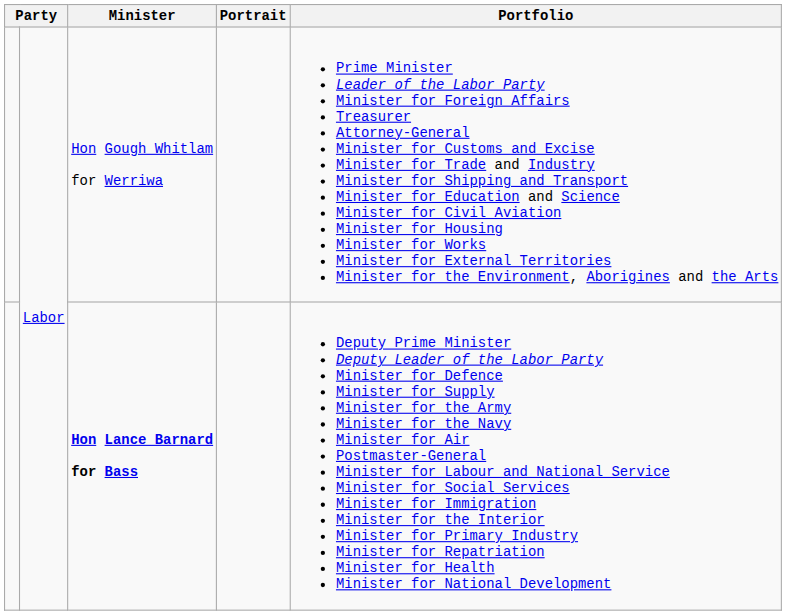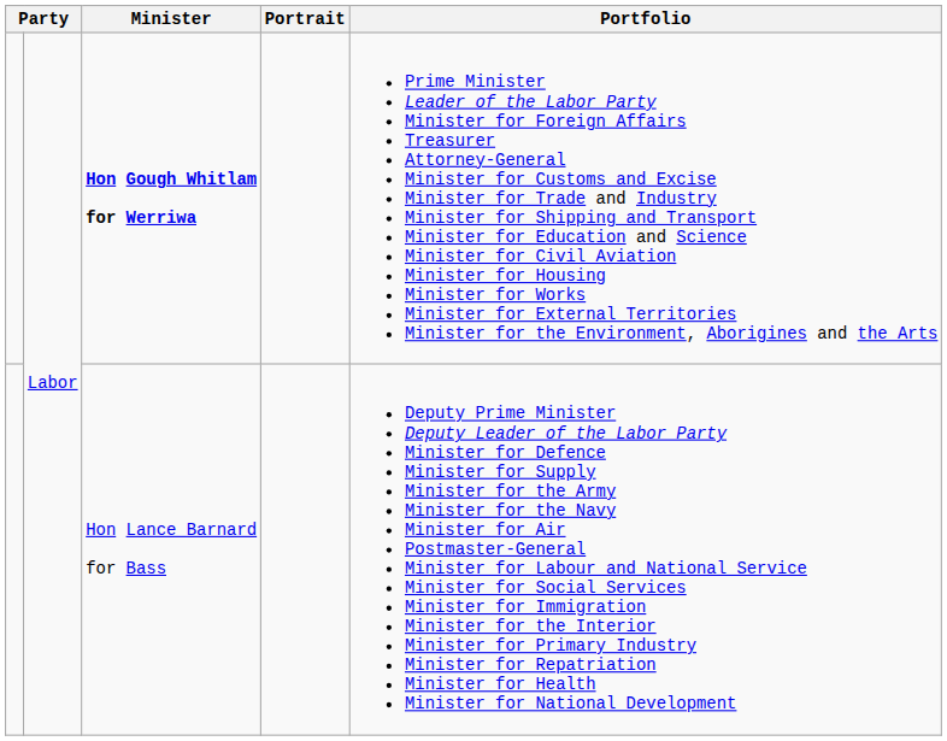 <table class="wikitable sortable">
 <tr>
 <th colspan="2">Party</th>
 <th>Minister</th>
 <th>Portrait</th>
 <th>Portfolio</th>
 </tr>
 <tr>
 <td> </td>
 <td rowspan=2><a href='#'>Labor</a></td>
-<td><a href='#'>Hon</a> <a href='#'>Gough Whitlam</a>  <br><br> for <a href='#'>Werriwa</a> <br></td>
+<td><strong><a href='#'>Hon</a> <a href='#'>Gough Whitlam</a>  <br><br> for <a href='#'>Werriwa</a> <br></strong></td>
 <td></td>
 <td><br><ul><li><a href='#'>Prime Minister</a></li><li><em><a href='#'>Leader of the Labor Party</a></em></li><li><a href='#'>Minister for Foreign Affairs</a></li><li><a href='#'>Treasurer</a></li><li><a href='#'>Attorney-General</a></li><li><a href='#'>Minister for Customs and Excise</a></li><li><a href='#'>Minister for Trade</a> and <a href='#'>Industry</a></li><li><a href='#'>Minister for Shipping and Transport</a></li><li><a href='#'>Minister for Education</a> and <a href='#'>Science</a></li><li><a href='#'>Minister for Civil Aviation</a></li><li><a href='#'>Minister for Housing</a></li><li><a href='#'>Minister for Works</a></li><li><a href='#'>Minister for External Territories</a></li><li><a href='#'>Minister for the Environment</a>, <a href='#'>Aborigines</a> and <a href='#'>the Arts</a></li></ul></td>
 </tr>
 <tr>
 <td> </td>
-<td><strong><a href='#'>Hon</a> <a href='#'>Lance Barnard</a> <br><br> for <a href='#'>Bass</a> <br></strong></td>
+<td><a href='#'>Hon</a> <a href='#'>Lance Barnard</a> <br><br> for <a href='#'>Bass</a> <br></td>
 <td></td>
 <td><br><ul><li><a href='#'>Deputy Prime Minister</a></li><li><em><a href='#'>Deputy Leader of the Labor Party</a></em></li><li><a href='#'>Minister for Defence</a></li><li><a href='#'>Minister for Supply</a></li><li><a href='#'>Minister for the Army</a></li><li><a href='#'>Minister for the Navy</a></li><li><a href='#'>Minister for Air</a></li><li><a href='#'>Postmaster-General</a></li><li><a href='#'>Minister for Labour and National Service</a></li><li><a href='#'>Minister for Social Services</a></li><li><a href='#'>Minister for Immigration</a></li><li><a href='#'>Minister for the Interior</a></li><li><a href='#'>Minister for Primary Industry</a></li><li><a href='#'>Minister for Repatriation</a></li><li><a href='#'>Minister for Health</a></li><li><a href='#'>Minister for National Development</a></li></ul></td>
 </tr>
 </table>
